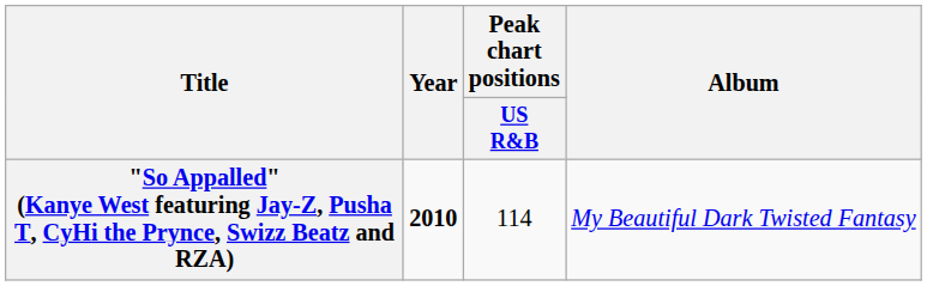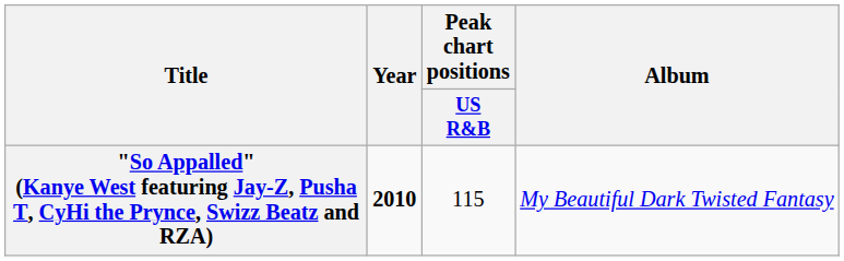 <table class="wikitable plainrowheaders" style="text-align:center;">
 <tr>
 <th scope="col" rowspan="2" style="width:16em;">Title</th>
 <th scope="col" rowspan="2">Year</th>
 <th scope="col">Peak chart positions</th>
 <th scope="col" rowspan="2">Album</th>
 </tr>
 <tr>
 <th scope="col" style="width:3em;font-size:90%;"><a href='#'>US<br>R&B</a></th>
 </tr>
 <tr>
 <th scope="row">"<a href='#'>So Appalled</a>"<br><span>(<a href='#'>Kanye West</a> featuring <a href='#'>Jay-Z</a>, <a href='#'>Pusha T</a>, <a href='#'>CyHi the Prynce</a>, <a href='#'>Swizz Beatz</a> and RZA)</span></th>
 <td><strong>2010</strong></td>
-<td>114</td>
+<td>115</td>
 <td><em><a href='#'>My Beautiful Dark Twisted Fantasy</a></em></td>
 </tr>
 </table>
